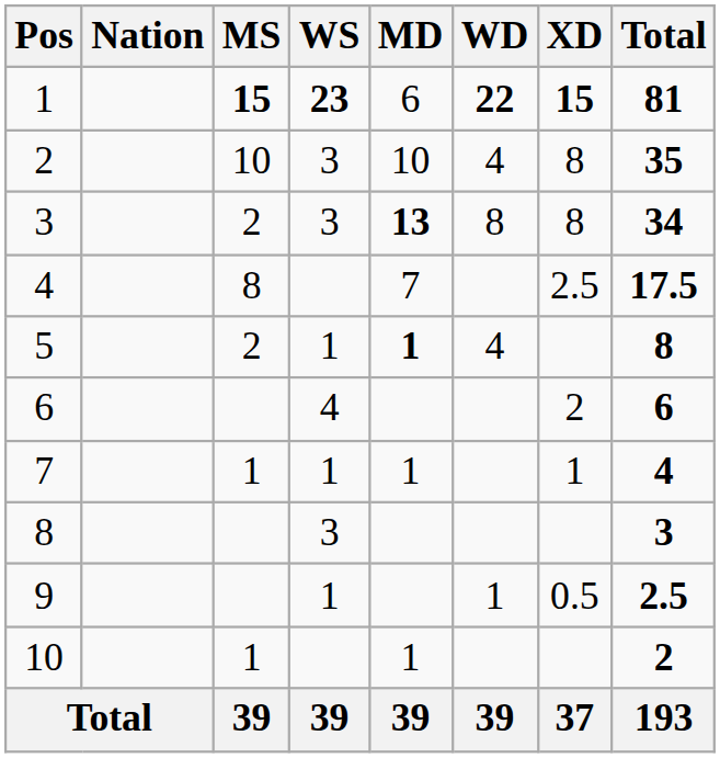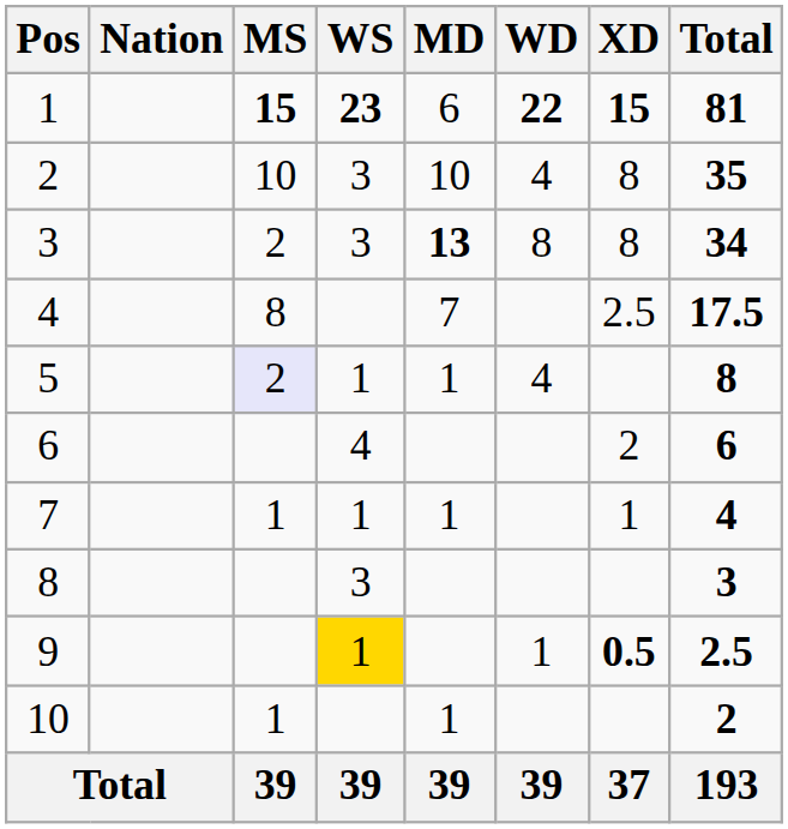 <table class="wikitable" style="text-align:center">
 <tr>
 <th>Pos</th>
 <th>Nation</th>
 <th>MS</th>
 <th>WS</th>
 <th>MD</th>
 <th>WD</th>
 <th>XD</th>
 <th>Total</th>
 </tr>
 <tr>
 <td>1</td>
 <td align=left><strong></strong></td>
 <td><strong>15</strong></td>
 <td><strong>23</strong></td>
 <td>6</td>
 <td><strong>22</strong></td>
 <td><strong>15</strong></td>
 <td><strong>81</strong></td>
 </tr>
 <tr>
 <td>2</td>
 <td align=left></td>
 <td>10</td>
 <td>3</td>
 <td>10</td>
 <td>4</td>
 <td>8</td>
 <td><strong>35</strong></td>
 </tr>
 <tr>
 <td>3</td>
 <td align=left></td>
 <td>2</td>
 <td>3</td>
 <td><strong>13</strong></td>
 <td>8</td>
 <td>8</td>
 <td><strong>34</strong></td>
 </tr>
 <tr>
 <td>4</td>
 <td align=left></td>
 <td>8</td>
 <td></td>
 <td>7</td>
 <td></td>
 <td>2.5</td>
 <td><strong>17.5</strong></td>
 </tr>
 <tr>
 <td>5</td>
 <td align=left></td>
-<td>2</td>
+<td style="background: lavender;">2</td>
 <td>1</td>
-<td><strong>1</strong></td>
+<td>1</td>
 <td>4</td>
 <td></td>
 <td><strong>8</strong></td>
 </tr>
 <tr>
 <td>6</td>
 <td align=left></td>
 <td></td>
 <td>4</td>
 <td></td>
 <td></td>
 <td>2</td>
 <td><strong>6</strong></td>
 </tr>
 <tr>
 <td>7</td>
 <td align=left></td>
 <td>1</td>
 <td>1</td>
 <td>1</td>
 <td></td>
 <td>1</td>
 <td><strong>4</strong></td>
 </tr>
 <tr>
 <td>8</td>
 <td align=left></td>
 <td></td>
 <td>3</td>
 <td></td>
 <td></td>
 <td></td>
 <td><strong>3</strong></td>
 </tr>
 <tr>
 <td>9</td>
 <td align=left></td>
 <td></td>
-<td>1</td>
+<td style="background: gold;">1</td>
 <td></td>
 <td>1</td>
-<td>0.5</td>
+<td><strong>0.5</strong></td>
 <td><strong>2.5</strong></td>
 </tr>
 <tr>
 <td>10</td>
 <td align=left></td>
 <td>1</td>
 <td></td>
 <td>1</td>
 <td></td>
 <td></td>
 <td><strong>2</strong></td>
 </tr>
 <tr>
 <th colspan="2">Total</th>
 <th>39</th>
 <th>39</th>
 <th>39</th>
 <th>39</th>
 <th>37</th>
 <th><strong>193</strong></th>
 </tr>
 </table>
